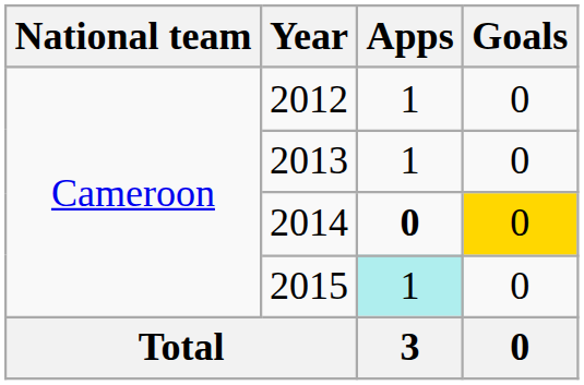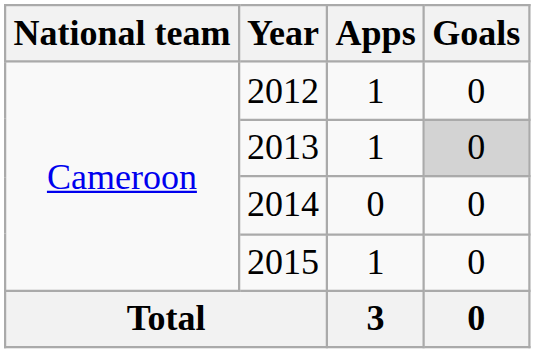 <table class="wikitable" style="text-align:center">
 <tr>
 <th>National team</th>
 <th>Year</th>
 <th>Apps</th>
 <th>Goals</th>
 </tr>
 <tr>
 <td rowspan="4"><a href='#'>Cameroon</a></td>
 <td>2012</td>
 <td>1</td>
 <td>0</td>
 </tr>
 <tr>
 <td>2013</td>
 <td>1</td>
+<td style="background: lightgrey;">0</td>
+</tr>
+<tr>
+<td>2014</td>
+<td>0</td>
 <td>0</td>
 </tr>
 <tr>
-<td>2014</td>
-<td><strong>0</strong></td>
-<td style="background: gold;">0</td>
-</tr>
-<tr>
 <td>2015</td>
-<td style="background: paleturquoise;">1</td>
+<td>1</td>
 <td>0</td>
 </tr>
 <tr>
 <th colspan="2">Total</th>
 <th>3</th>
 <th>0</th>
 </tr>
 </table>
